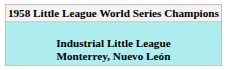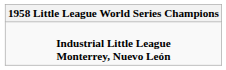 <table class="wikitable" style="text-align: center; margin: 0 auto;">
 <tr>
 <th>1958 Little League World Series Champions</th>
 </tr>
 <tr>
-<td style="background: paleturquoise;"><br><strong>Industrial Little League</strong><br><strong>Monterrey, Nuevo León</strong></td>
+<td><br><strong>Industrial Little League</strong><br><strong>Monterrey, Nuevo León</strong></td>
 </tr>
 </table>
